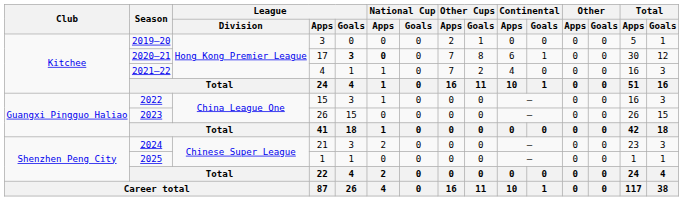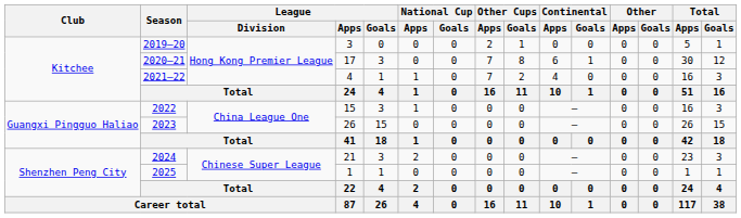 <table class="wikitable" style="font-size:95%; text-align: center">
 <tr>
 <th rowspan="2">Club</th>
 <th rowspan="2">Season</th>
 <th colspan="3">League</th>
 <th colspan="2">National Cup</th>
 <th colspan="2">Other Cups</th>
 <th colspan="2">Continental</th>
 <th colspan="2">Other</th>
 <th colspan="2">Total</th>
 </tr>
 <tr>
 <th>Division</th>
 <th>Apps</th>
 <th>Goals</th>
 <th>Apps</th>
 <th>Goals</th>
 <th>Apps</th>
 <th>Goals</th>
 <th>Apps</th>
 <th>Goals</th>
 <th>Apps</th>
 <th>Goals</th>
 <th>Apps</th>
 <th>Goals</th>
 </tr>
 <tr>
 <td rowspan="4"><a href='#'>Kitchee</a></td>
 <td><a href='#'>2019–20</a></td>
 <td rowspan="3"><a href='#'>Hong Kong Premier League</a></td>
 <td>3</td>
 <td>0</td>
 <td>0</td>
 <td>0</td>
 <td>2</td>
 <td>1</td>
 <td>0</td>
 <td>0</td>
 <td>0</td>
 <td>0</td>
 <td>5</td>
 <td>1</td>
 </tr>
 <tr>
 <td><a href='#'>2020–21</a></td>
 <td>17</td>
-<td><strong>3</strong></td>
-<td><strong>0</strong></td>
+<td>3</td>
+<td>0</td>
 <td>0</td>
 <td>7</td>
 <td>8</td>
 <td>6</td>
 <td>1</td>
 <td>0</td>
 <td>0</td>
 <td>30</td>
 <td>12</td>
 </tr>
 <tr>
 <td><a href='#'>2021–22</a></td>
 <td>4</td>
 <td>1</td>
 <td>1</td>
 <td>0</td>
 <td>7</td>
 <td>2</td>
 <td>4</td>
 <td>0</td>
 <td>0</td>
 <td>0</td>
 <td>16</td>
 <td>3</td>
 </tr>
 <tr>
 <th colspan=2>Total</th>
 <th>24</th>
 <th>4</th>
 <th>1</th>
 <th>0</th>
 <th>16</th>
 <th>11</th>
 <th>10</th>
 <th>1</th>
 <th>0</th>
 <th>0</th>
 <th>51</th>
 <th>16</th>
 </tr>
 <tr>
 <td rowspan="3"><a href='#'>Guangxi Pingguo Haliao</a></td>
 <td><a href='#'>2022</a></td>
 <td rowspan="2"><a href='#'>China League One</a></td>
 <td>15</td>
 <td>3</td>
 <td>1</td>
 <td>0</td>
 <td>0</td>
 <td>0</td>
 <td colspan=2>–</td>
 <td>0</td>
 <td>0</td>
 <td>16</td>
 <td>3</td>
 </tr>
 <tr>
 <td><a href='#'>2023</a></td>
 <td>26</td>
 <td>15</td>
 <td>0</td>
 <td>0</td>
 <td>0</td>
 <td>0</td>
 <td colspan=2>–</td>
 <td>0</td>
 <td>0</td>
 <td>26</td>
 <td>15</td>
 </tr>
 <tr>
 <th colspan=2>Total</th>
 <th>41</th>
 <th>18</th>
 <th>1</th>
 <th>0</th>
 <th>0</th>
 <th>0</th>
 <th>0</th>
 <th>0</th>
 <th>0</th>
 <th>0</th>
 <th>42</th>
 <th>18</th>
 </tr>
 <tr>
 <td rowspan="3"><a href='#'>Shenzhen Peng City</a></td>
 <td><a href='#'>2024</a></td>
 <td rowspan="2"><a href='#'>Chinese Super League</a></td>
 <td>21</td>
 <td>3</td>
 <td>2</td>
 <td>0</td>
 <td>0</td>
 <td>0</td>
 <td colspan=2>–</td>
 <td>0</td>
 <td>0</td>
 <td>23</td>
 <td>3</td>
 </tr>
 <tr>
 <td><a href='#'>2025</a></td>
 <td>1</td>
 <td>1</td>
 <td>0</td>
 <td>0</td>
 <td>0</td>
 <td>0</td>
 <td colspan=2>–</td>
 <td>0</td>
 <td>0</td>
 <td>1</td>
 <td>1</td>
 </tr>
 <tr>
 <th colspan=2>Total</th>
 <th>22</th>
 <th>4</th>
 <th>2</th>
 <th>0</th>
 <th>0</th>
 <th>0</th>
 <th>0</th>
 <th>0</th>
 <th>0</th>
 <th>0</th>
 <th>24</th>
 <th>4</th>
 </tr>
 <tr>
 <th colspan=3>Career total</th>
 <th>87</th>
 <th>26</th>
 <th>4</th>
 <th>0</th>
 <th>16</th>
 <th>11</th>
 <th>10</th>
 <th>1</th>
 <th>0</th>
 <th>0</th>
 <th>117</th>
 <th>38</th>
 </tr>
 </table>
